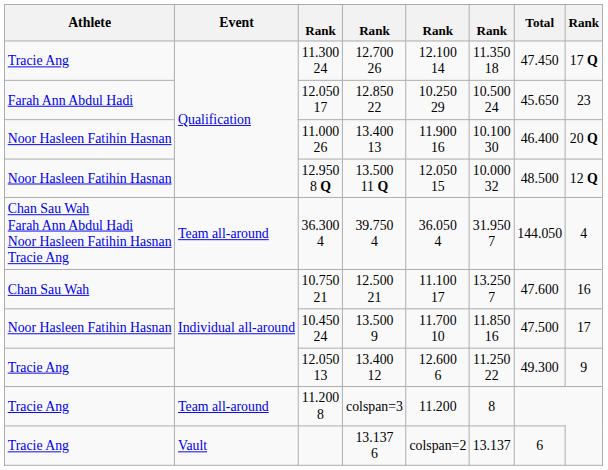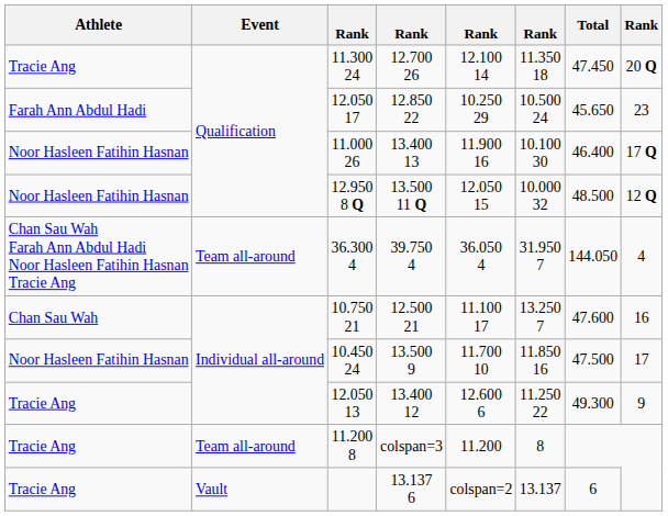 <table class=wikitable style="font-size:90%">
 <tr>
 <th rowspan=2>Athlete</th>
 <th rowspan=2>Event</th>
 </tr>
 <tr style="font-size:95%">
 <th><br>Rank</th>
 <th><br>Rank</th>
 <th><br>Rank</th>
 <th><br>Rank</th>
 <th>Total</th>
 <th>Rank</th>
 </tr>
 <tr align=center>
 <td align=left><a href='#'>Tracie Ang</a></td>
 <td align=left rowspan=4><a href='#'>Qualification</a></td>
 <td>11.300<br>24</td>
 <td>12.700<br>26</td>
 <td>12.100<br>14 </td>
 <td>11.350<br>18</td>
 <td>47.450</td>
-<td>17 <strong>Q</strong></td>
+<td>20 <strong>Q</strong></td>
 </tr>
 <tr align=center>
 <td align=left><a href='#'>Farah Ann Abdul Hadi</a></td>
 <td>12.050<br>17</td>
 <td>12.850<br>22</td>
 <td>10.250<br>29</td>
 <td>10.500<br>24</td>
 <td>45.650</td>
 <td>23</td>
 </tr>
 <tr align=center>
 <td align=left><a href='#'>Noor Hasleen Fatihin Hasnan</a></td>
 <td>11.000<br>26</td>
 <td>13.400<br>13</td>
 <td>11.900<br>16</td>
 <td>10.100<br>30</td>
 <td>46.400</td>
-<td>20 <strong>Q</strong></td>
+<td>17 <strong>Q</strong></td>
 </tr>
 <tr align=center>
 <td align=left><a href='#'>Noor Hasleen Fatihin Hasnan</a></td>
 <td>12.950<br>8 <strong>Q</strong></td>
 <td>13.500<br>11 <strong>Q</strong></td>
 <td>12.050<br>15</td>
 <td>10.000<br>32</td>
 <td>48.500</td>
 <td>12 <strong>Q</strong></td>
 </tr>
 <tr align=center>
 <td align=left><a href='#'>Chan Sau Wah</a><br><a href='#'>Farah Ann Abdul Hadi</a><br><a href='#'>Noor Hasleen Fatihin Hasnan</a><br><a href='#'>Tracie Ang</a></td>
 <td align=left><a href='#'>Team all-around</a></td>
 <td>36.300<br>4</td>
 <td>39.750<br>4</td>
 <td>36.050<br>4</td>
 <td>31.950<br>7</td>
 <td>144.050</td>
 <td>4</td>
 </tr>
 <tr align=center>
 <td align=left><a href='#'>Chan Sau Wah</a></td>
 <td align=left rowspan=3><a href='#'>Individual all-around</a></td>
 <td>10.750<br>21</td>
 <td>12.500<br>21</td>
 <td>11.100<br>17</td>
 <td>13.250<br>7</td>
 <td>47.600</td>
 <td>16</td>
 </tr>
 <tr align=center>
 <td align=left><a href='#'>Noor Hasleen Fatihin Hasnan</a></td>
 <td>10.450<br>24</td>
 <td>13.500<br>9</td>
 <td>11.700<br>10</td>
 <td>11.850<br>16</td>
 <td>47.500</td>
 <td>17</td>
 </tr>
 <tr align=center>
 <td align=left><a href='#'>Tracie Ang</a></td>
 <td>12.050<br>13</td>
 <td>13.400<br>12</td>
 <td>12.600<br>6</td>
 <td>11.250<br>22</td>
 <td>49.300</td>
 <td>9</td>
 </tr>
 <tr align=center>
 <td align=left><a href='#'>Tracie Ang</a></td>
 <td align=left><a href='#'>Team all-around</a></td>
 <td>11.200<br>8</td>
 <td>colspan=3 </td>
 <td>11.200</td>
 <td>8</td>
 </tr>
 <tr align=center>
 <td align=left><a href='#'>Tracie Ang</a></td>
 <td align=left><a href='#'>Vault</a></td>
 <td></td>
 <td>13.137<br>6</td>
 <td>colspan=2 </td>
 <td>13.137</td>
 <td>6</td>
 </tr>
 </table>
